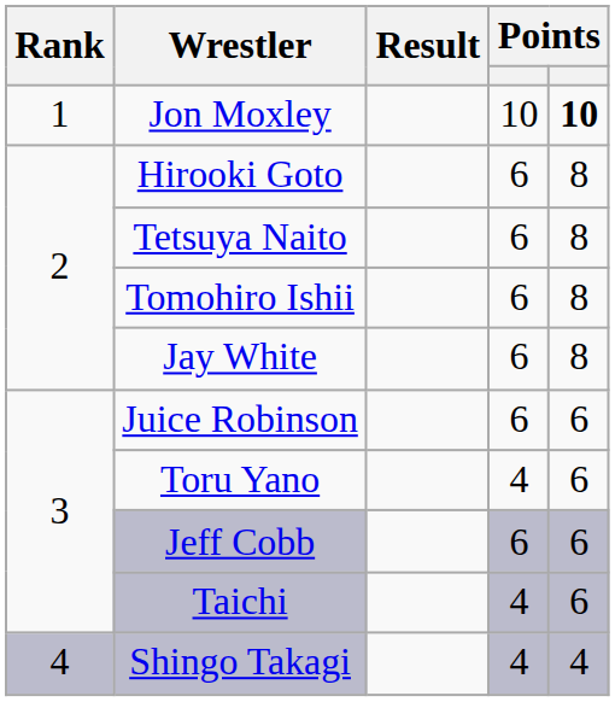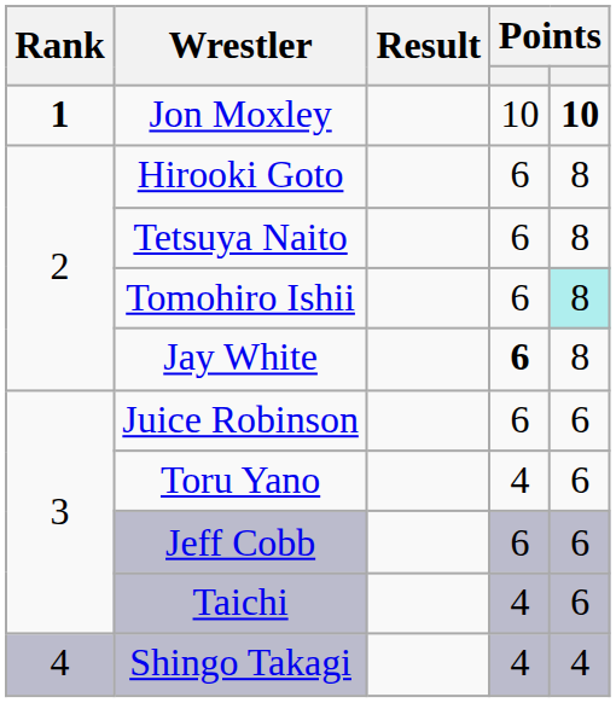 <table class="wikitable mw-collapsible mw-collapsed" plainrowheaders sortable" style="text-align: center">
 <tr>
 <th scope="col" rowspan="2">Rank</th>
 <th scope="col" rowspan="2">Wrestler</th>
 <th scope="col" rowspan="2">Result</th>
 <th scope="col" colspan="2">Points</th>
 </tr>
 <tr>
 <th></th>
 <th></th>
 </tr>
 <tr>
-<td>1</td>
+<td><strong>1</strong></td>
 <td><a href='#'>Jon Moxley</a></td>
 <td></td>
 <td>10</td>
 <td><strong>10</strong></td>
 </tr>
 <tr>
 <td rowspan="4">2</td>
 <td><a href='#'>Hirooki Goto</a></td>
 <td></td>
 <td>6</td>
 <td>8</td>
 </tr>
 <tr>
 <td><a href='#'>Tetsuya Naito</a></td>
 <td></td>
 <td>6</td>
 <td>8</td>
 </tr>
 <tr>
 <td><a href='#'>Tomohiro Ishii</a></td>
 <td></td>
 <td>6</td>
-<td>8</td>
+<td style="background: paleturquoise;">8</td>
 </tr>
 <tr>
 <td><a href='#'>Jay White</a></td>
 <td></td>
-<td>6</td>
+<td><strong>6</strong></td>
 <td>8</td>
 </tr>
 <tr>
 <td rowspan="4">3</td>
 <td><a href='#'>Juice Robinson</a></td>
 <td></td>
 <td>6</td>
 <td>6</td>
 </tr>
 <tr>
 <td><a href='#'>Toru Yano</a></td>
 <td></td>
 <td>4</td>
 <td>6</td>
 </tr>
 <tr>
 <td style="background: #BBBBCC;"><a href='#'>Jeff Cobb</a></td>
 <td></td>
 <td style="background: #BBBBCC;">6</td>
 <td style="background: #BBBBCC;">6</td>
 </tr>
 <tr>
 <td style="background: #BBBBCC;"><a href='#'>Taichi</a></td>
 <td></td>
 <td style="background: #BBBBCC;">4</td>
 <td style="background: #BBBBCC;">6</td>
 </tr>
 <tr>
 <td style="background: #BBBBCC;">4</td>
 <td style="background: #BBBBCC;"><a href='#'>Shingo Takagi</a></td>
 <td></td>
 <td style="background: #BBBBCC;">4</td>
 <td style="background: #BBBBCC;">4</td>
 </tr>
 </table>
